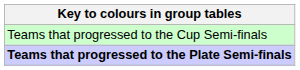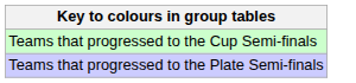 <table class="wikitable">
 <tr>
 <th>Key to colours in group tables</th>
 </tr>
 <tr bgcolor=#ccffcc>
 <td>Teams that progressed to the Cup Semi-finals</td>
 </tr>
 <tr bgcolor=#ccccff>
-<td><strong>Teams that progressed to the Plate Semi-finals</strong></td>
+<td>Teams that progressed to the Plate Semi-finals</td>
 </tr>
 </table>
